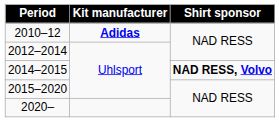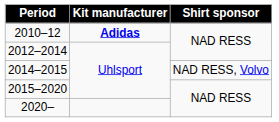 <table class="wikitable" style="text-align:center;margin-left:1em">
 <tr>
 <th style="color:white; background:black;">Period</th>
 <th style="color:white; background:black;">Kit manufacturer</th>
 <th style="color:white; background:black;">Shirt sponsor</th>
 </tr>
 <tr>
 <td>2010–12</td>
 <td><strong><a href='#'>Adidas</a></strong></td>
 <td rowspan=2>NAD RESS</td>
 </tr>
 <tr>
 <td>2012–2014</td>
 <td rowspan=3><a href='#'>Uhlsport</a></td>
 </tr>
 <tr>
 <td>2014–2015</td>
-<td><strong>NAD RESS, <a href='#'>Volvo</a></strong></td>
+<td>NAD RESS, <a href='#'>Volvo</a></td>
 </tr>
 <tr>
 <td>2015–2020</td>
 <td rowspan=2>NAD RESS</td>
 </tr>
 <tr>
 <td>2020–</td>
 <td></td>
 </tr>
 </table>
